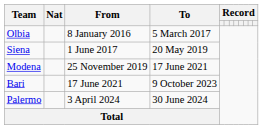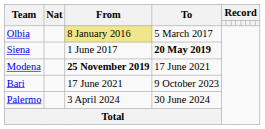 <table class="wikitable" style="text-align: center">
 <tr>
 <th rowspan="2">Team</th>
 <th rowspan="2">Nat</th>
 <th rowspan="2">From</th>
 <th rowspan="2">To</th>
 <th colspan="8">Record</th>
 </tr>
 <tr>
 <th></th>
 <th></th>
 <th></th>
 <th></th>
 <th></th>
 <th></th>
 <th></th>
 <th></th>
 </tr>
 <tr>
 <td align=left><a href='#'>Olbia</a></td>
 <td></td>
-<td align=left>8 January 2016</td>
+<td align=left style="background: khaki;">8 January 2016</td>
 <td align=left>5 March 2017<br></td>
 </tr>
 <tr>
 <td align=left><a href='#'>Siena</a></td>
 <td></td>
 <td align=left>1 June 2017</td>
-<td align=left>20 May 2019<br></td>
+<td align=left><strong>20 May 2019<br></strong></td>
 </tr>
 <tr>
 <td align=left><a href='#'>Modena</a></td>
 <td></td>
-<td align=left>25 November 2019</td>
+<td align=left><strong>25 November 2019</strong></td>
 <td align=left>17 June 2021<br></td>
 </tr>
 <tr>
 <td align=left><a href='#'>Bari</a></td>
 <td></td>
 <td align=left>17 June 2021</td>
 <td align=left>9 October 2023<br></td>
 </tr>
 <tr>
 <td align=left><a href='#'>Palermo</a></td>
 <td></td>
 <td align=left>3 April 2024</td>
 <td align=left>30 June 2024<br></td>
 </tr>
 <tr>
 <th colspan="4">Total<br></th>
 </tr>
 </table>
